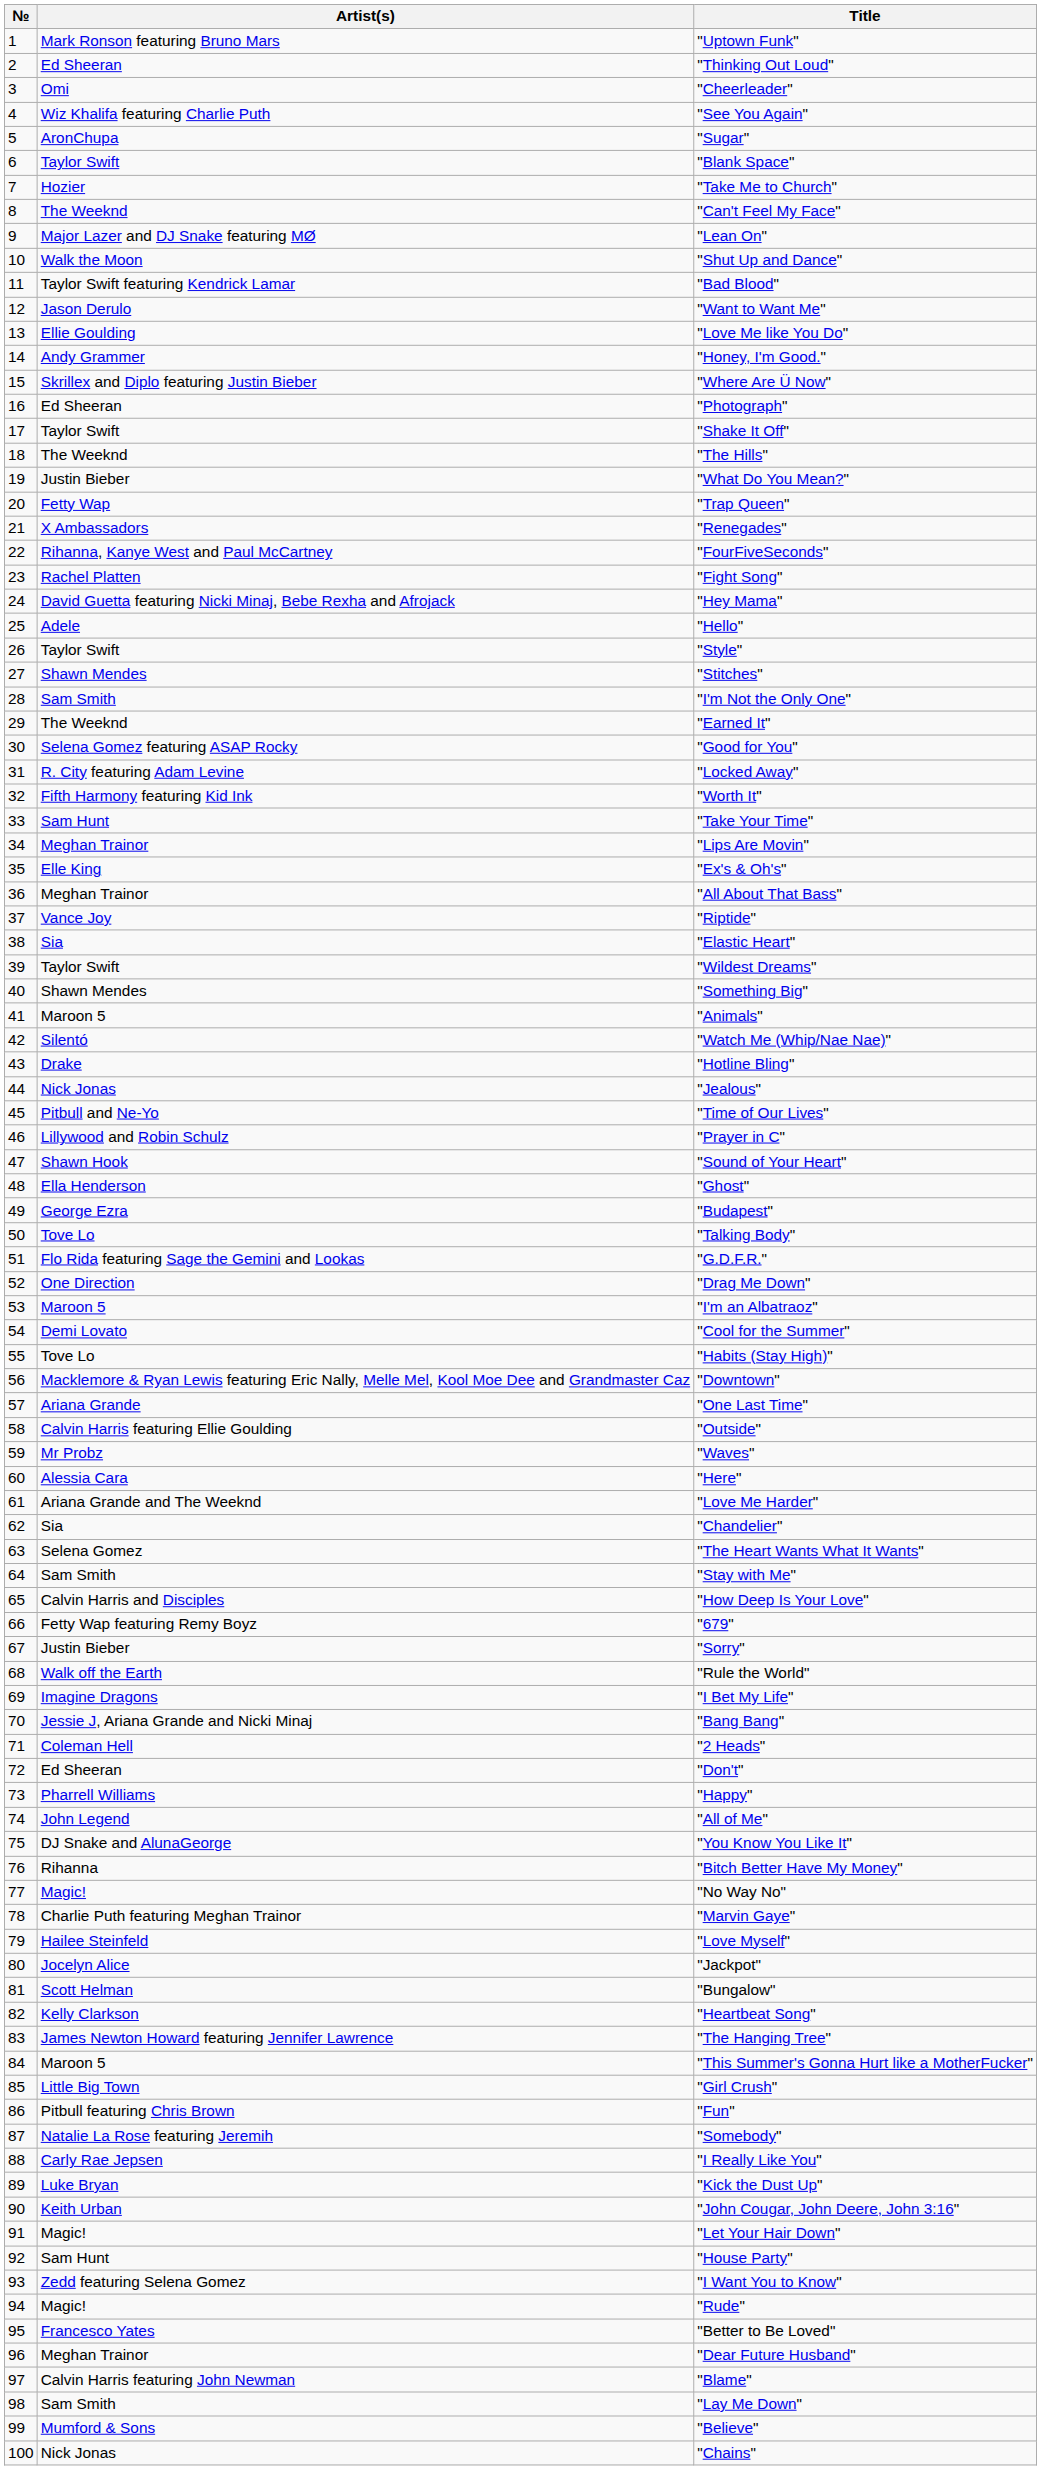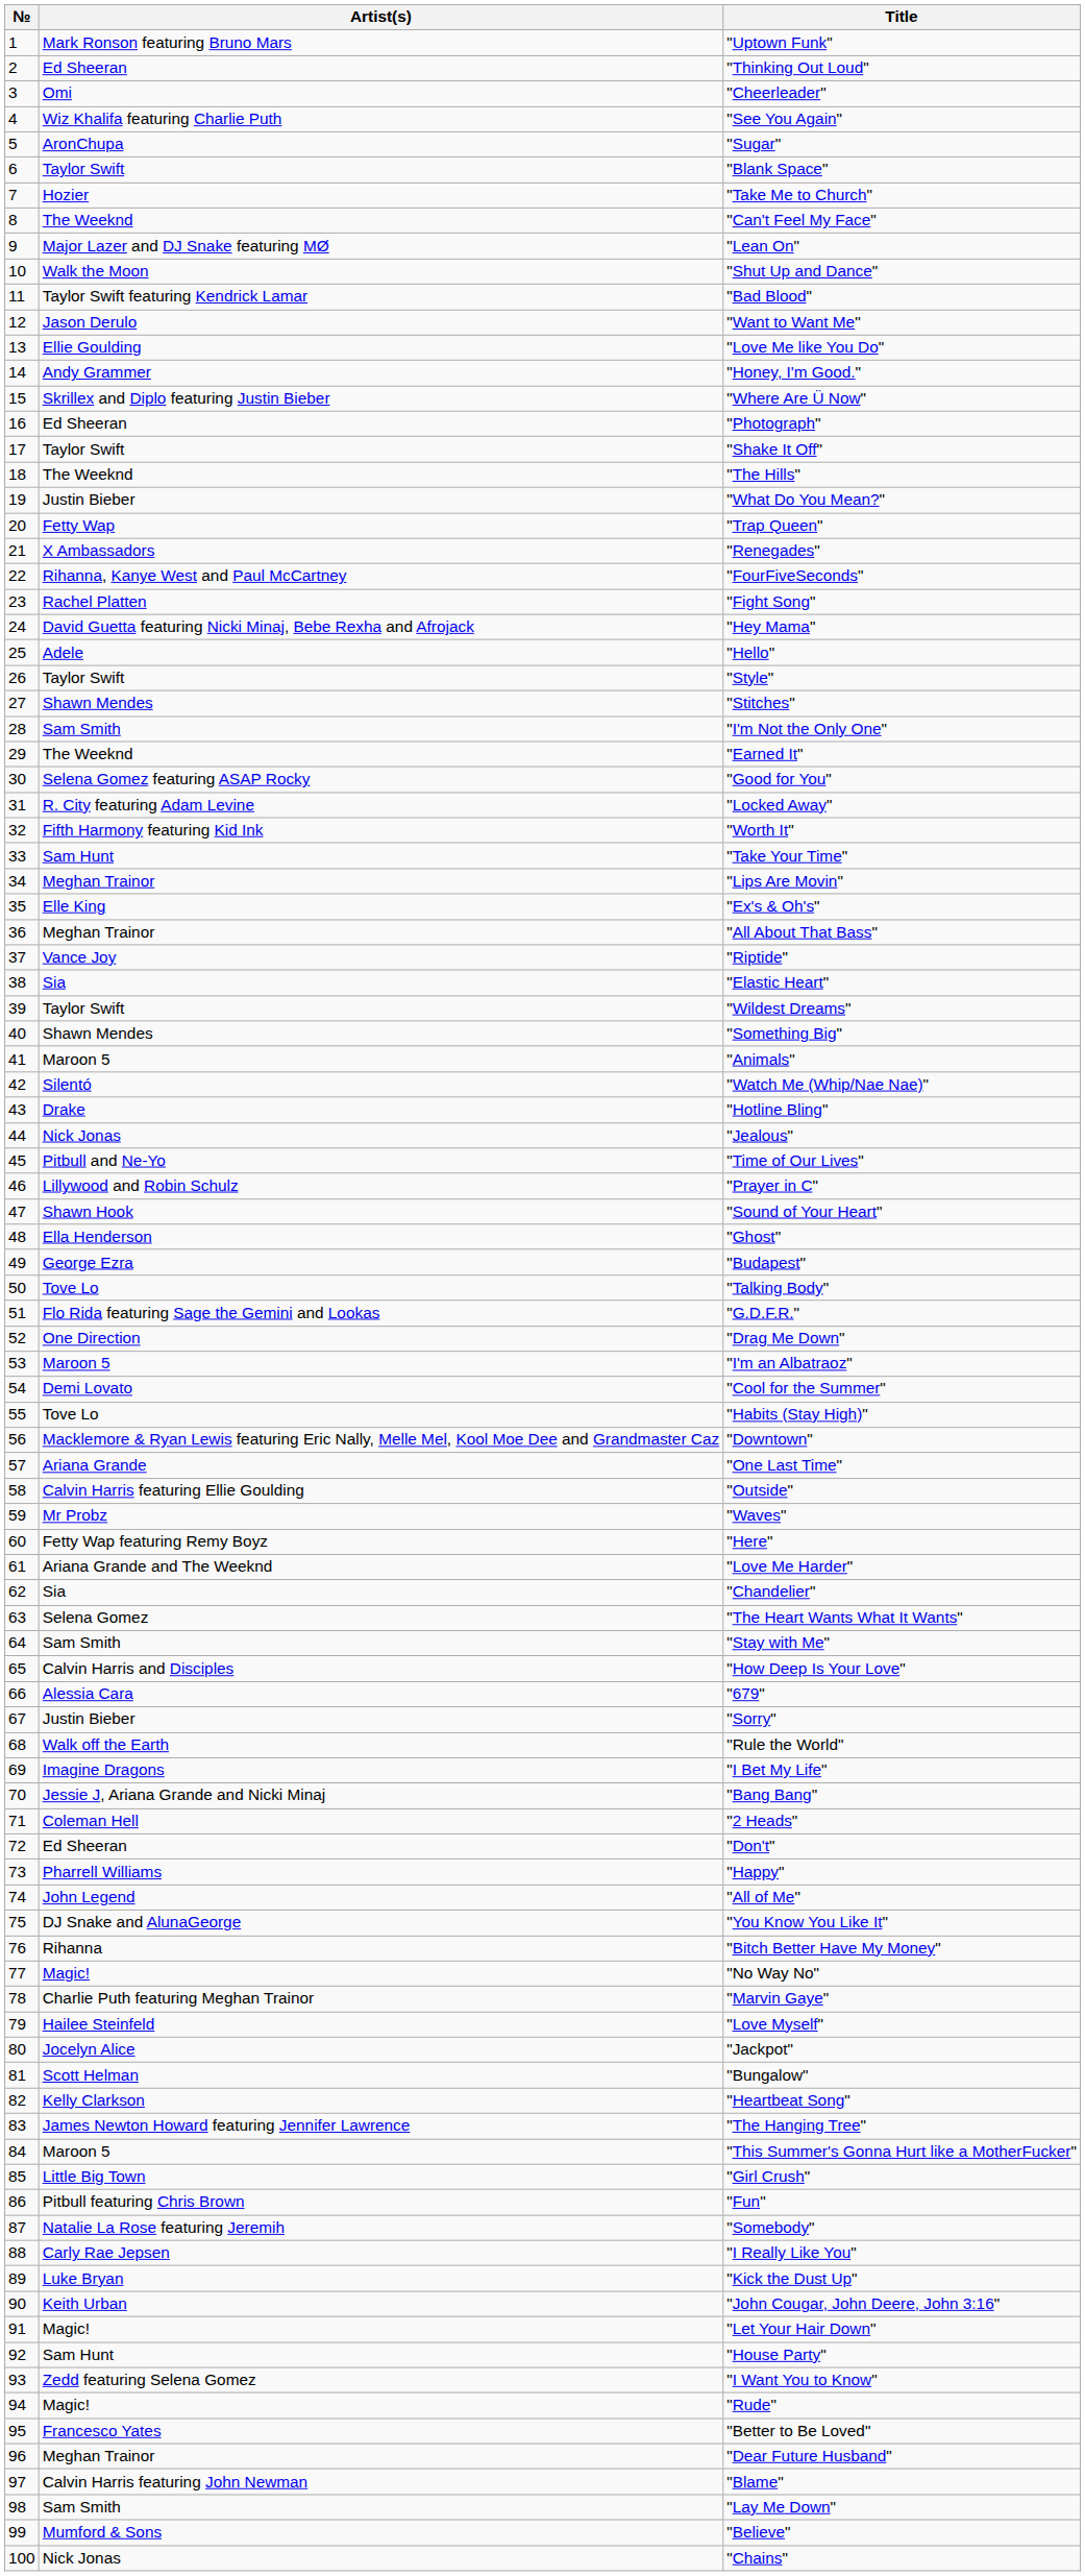 <table class="wikitable">
 <tr>
 <th>№</th>
 <th>Artist(s)</th>
 <th>Title</th>
 </tr>
 <tr>
 <td>1</td>
 <td><a href='#'>Mark Ronson</a> featuring <a href='#'>Bruno Mars</a></td>
 <td>"<a href='#'>Uptown Funk</a>"</td>
 </tr>
 <tr>
 <td>2</td>
 <td><a href='#'>Ed Sheeran</a></td>
 <td>"<a href='#'>Thinking Out Loud</a>"</td>
 </tr>
 <tr>
 <td>3</td>
 <td><a href='#'>Omi</a></td>
 <td>"<a href='#'>Cheerleader</a>"</td>
 </tr>
 <tr>
 <td>4</td>
 <td><a href='#'>Wiz Khalifa</a> featuring <a href='#'>Charlie Puth</a></td>
 <td>"<a href='#'>See You Again</a>"</td>
 </tr>
 <tr>
 <td>5</td>
 <td><a href='#'>AronChupa</a></td>
 <td>"<a href='#'>Sugar</a>"</td>
 </tr>
 <tr>
 <td>6</td>
 <td><a href='#'>Taylor Swift</a></td>
 <td>"<a href='#'>Blank Space</a>"</td>
 </tr>
 <tr>
 <td>7</td>
 <td><a href='#'>Hozier</a></td>
 <td>"<a href='#'>Take Me to Church</a>"</td>
 </tr>
 <tr>
 <td>8</td>
 <td><a href='#'>The Weeknd</a></td>
 <td>"<a href='#'>Can't Feel My Face</a>"</td>
 </tr>
 <tr>
 <td>9</td>
 <td><a href='#'>Major Lazer</a> and <a href='#'>DJ Snake</a> featuring <a href='#'>MØ</a></td>
 <td>"<a href='#'>Lean On</a>"</td>
 </tr>
 <tr>
 <td>10</td>
 <td><a href='#'>Walk the Moon</a></td>
 <td>"<a href='#'>Shut Up and Dance</a>"</td>
 </tr>
 <tr>
 <td>11</td>
 <td>Taylor Swift featuring <a href='#'>Kendrick Lamar</a></td>
 <td>"<a href='#'>Bad Blood</a>"</td>
 </tr>
 <tr>
 <td>12</td>
 <td><a href='#'>Jason Derulo</a></td>
 <td>"<a href='#'>Want to Want Me</a>"</td>
 </tr>
 <tr>
 <td>13</td>
 <td><a href='#'>Ellie Goulding</a></td>
 <td>"<a href='#'>Love Me like You Do</a>"</td>
 </tr>
 <tr>
 <td>14</td>
 <td><a href='#'>Andy Grammer</a></td>
 <td>"<a href='#'>Honey, I'm Good.</a>"</td>
 </tr>
 <tr>
 <td>15</td>
 <td><a href='#'>Skrillex</a> and <a href='#'>Diplo</a> featuring <a href='#'>Justin Bieber</a></td>
 <td>"<a href='#'>Where Are Ü Now</a>"</td>
 </tr>
 <tr>
 <td>16</td>
 <td>Ed Sheeran</td>
 <td>"<a href='#'>Photograph</a>"</td>
 </tr>
 <tr>
 <td>17</td>
 <td>Taylor Swift</td>
 <td>"<a href='#'>Shake It Off</a>"</td>
 </tr>
 <tr>
 <td>18</td>
 <td>The Weeknd</td>
 <td>"<a href='#'>The Hills</a>"</td>
 </tr>
 <tr>
 <td>19</td>
 <td>Justin Bieber</td>
 <td>"<a href='#'>What Do You Mean?</a>"</td>
 </tr>
 <tr>
 <td>20</td>
 <td><a href='#'>Fetty Wap</a></td>
 <td>"<a href='#'>Trap Queen</a>"</td>
 </tr>
 <tr>
 <td>21</td>
 <td><a href='#'>X Ambassadors</a></td>
 <td>"<a href='#'>Renegades</a>"</td>
 </tr>
 <tr>
 <td>22</td>
 <td><a href='#'>Rihanna</a>, <a href='#'>Kanye West</a> and <a href='#'>Paul McCartney</a></td>
 <td>"<a href='#'>FourFiveSeconds</a>"</td>
 </tr>
 <tr>
 <td>23</td>
 <td><a href='#'>Rachel Platten</a></td>
 <td>"<a href='#'>Fight Song</a>"</td>
 </tr>
 <tr>
 <td>24</td>
 <td><a href='#'>David Guetta</a> featuring <a href='#'>Nicki Minaj</a>, <a href='#'>Bebe Rexha</a> and <a href='#'>Afrojack</a></td>
 <td>"<a href='#'>Hey Mama</a>"</td>
 </tr>
 <tr>
 <td>25</td>
 <td><a href='#'>Adele</a></td>
 <td>"<a href='#'>Hello</a>"</td>
 </tr>
 <tr>
 <td>26</td>
 <td>Taylor Swift</td>
 <td>"<a href='#'>Style</a>"</td>
 </tr>
 <tr>
 <td>27</td>
 <td><a href='#'>Shawn Mendes</a></td>
 <td>"<a href='#'>Stitches</a>"</td>
 </tr>
 <tr>
 <td>28</td>
 <td><a href='#'>Sam Smith</a></td>
 <td>"<a href='#'>I'm Not the Only One</a>"</td>
 </tr>
 <tr>
 <td>29</td>
 <td>The Weeknd</td>
 <td>"<a href='#'>Earned It</a>"</td>
 </tr>
 <tr>
 <td>30</td>
 <td><a href='#'>Selena Gomez</a> featuring <a href='#'>ASAP Rocky</a></td>
 <td>"<a href='#'>Good for You</a>"</td>
 </tr>
 <tr>
 <td>31</td>
 <td><a href='#'>R. City</a> featuring <a href='#'>Adam Levine</a></td>
 <td>"<a href='#'>Locked Away</a>"</td>
 </tr>
 <tr>
 <td>32</td>
 <td><a href='#'>Fifth Harmony</a> featuring <a href='#'>Kid Ink</a></td>
 <td>"<a href='#'>Worth It</a>"</td>
 </tr>
 <tr>
 <td>33</td>
 <td><a href='#'>Sam Hunt</a></td>
 <td>"<a href='#'>Take Your Time</a>"</td>
 </tr>
 <tr>
 <td>34</td>
 <td><a href='#'>Meghan Trainor</a></td>
 <td>"<a href='#'>Lips Are Movin</a>"</td>
 </tr>
 <tr>
 <td>35</td>
 <td><a href='#'>Elle King</a></td>
 <td>"<a href='#'>Ex's & Oh's</a>"</td>
 </tr>
 <tr>
 <td>36</td>
 <td>Meghan Trainor</td>
 <td>"<a href='#'>All About That Bass</a>"</td>
 </tr>
 <tr>
 <td>37</td>
 <td><a href='#'>Vance Joy</a></td>
 <td>"<a href='#'>Riptide</a>"</td>
 </tr>
 <tr>
 <td>38</td>
 <td><a href='#'>Sia</a></td>
 <td>"<a href='#'>Elastic Heart</a>"</td>
 </tr>
 <tr>
 <td>39</td>
 <td>Taylor Swift</td>
 <td>"<a href='#'>Wildest Dreams</a>"</td>
 </tr>
 <tr>
 <td>40</td>
 <td>Shawn Mendes</td>
 <td>"<a href='#'>Something Big</a>"</td>
 </tr>
 <tr>
 <td>41</td>
 <td>Maroon 5</td>
 <td>"<a href='#'>Animals</a>"</td>
 </tr>
 <tr>
 <td>42</td>
 <td><a href='#'>Silentó</a></td>
 <td>"<a href='#'>Watch Me (Whip/Nae Nae)</a>"</td>
 </tr>
 <tr>
 <td>43</td>
 <td><a href='#'>Drake</a></td>
 <td>"<a href='#'>Hotline Bling</a>"</td>
 </tr>
 <tr>
 <td>44</td>
 <td><a href='#'>Nick Jonas</a></td>
 <td>"<a href='#'>Jealous</a>"</td>
 </tr>
 <tr>
 <td>45</td>
 <td><a href='#'>Pitbull</a> and <a href='#'>Ne-Yo</a></td>
 <td>"<a href='#'>Time of Our Lives</a>"</td>
 </tr>
 <tr>
 <td>46</td>
 <td><a href='#'>Lillywood</a> and <a href='#'>Robin Schulz</a></td>
 <td>"<a href='#'>Prayer in C</a>"</td>
 </tr>
 <tr>
 <td>47</td>
 <td><a href='#'>Shawn Hook</a></td>
 <td>"<a href='#'>Sound of Your Heart</a>"</td>
 </tr>
 <tr>
 <td>48</td>
 <td><a href='#'>Ella Henderson</a></td>
 <td>"<a href='#'>Ghost</a>"</td>
 </tr>
 <tr>
 <td>49</td>
 <td><a href='#'>George Ezra</a></td>
 <td>"<a href='#'>Budapest</a>"</td>
 </tr>
 <tr>
 <td>50</td>
 <td><a href='#'>Tove Lo</a></td>
 <td>"<a href='#'>Talking Body</a>"</td>
 </tr>
 <tr>
 <td>51</td>
 <td><a href='#'>Flo Rida</a> featuring <a href='#'>Sage the Gemini</a> and <a href='#'>Lookas</a></td>
 <td>"<a href='#'>G.D.F.R.</a>"</td>
 </tr>
 <tr>
 <td>52</td>
 <td><a href='#'>One Direction</a></td>
 <td>"<a href='#'>Drag Me Down</a>"</td>
 </tr>
 <tr>
 <td>53</td>
 <td><a href='#'>Maroon 5</a></td>
 <td>"<a href='#'>I'm an Albatraoz</a>"</td>
 </tr>
 <tr>
 <td>54</td>
 <td><a href='#'>Demi Lovato</a></td>
 <td>"<a href='#'>Cool for the Summer</a>"</td>
 </tr>
 <tr>
 <td>55</td>
 <td>Tove Lo</td>
 <td>"<a href='#'>Habits (Stay High)</a>"</td>
 </tr>
 <tr>
 <td>56</td>
 <td><a href='#'>Macklemore & Ryan Lewis</a> featuring Eric Nally, <a href='#'>Melle Mel</a>, <a href='#'>Kool Moe Dee</a> and <a href='#'>Grandmaster Caz</a></td>
 <td>"<a href='#'>Downtown</a>"</td>
 </tr>
 <tr>
 <td>57</td>
 <td><a href='#'>Ariana Grande</a></td>
 <td>"<a href='#'>One Last Time</a>"</td>
 </tr>
 <tr>
 <td>58</td>
 <td><a href='#'>Calvin Harris</a> featuring Ellie Goulding</td>
 <td>"<a href='#'>Outside</a>"</td>
 </tr>
 <tr>
 <td>59</td>
 <td><a href='#'>Mr Probz</a></td>
 <td>"<a href='#'>Waves</a>"</td>
 </tr>
 <tr>
 <td>60</td>
-<td><a href='#'>Alessia Cara</a></td>
+<td>Fetty Wap featuring Remy Boyz</td>
 <td>"<a href='#'>Here</a>"</td>
 </tr>
 <tr>
 <td>61</td>
 <td>Ariana Grande and The Weeknd</td>
 <td>"<a href='#'>Love Me Harder</a>"</td>
 </tr>
 <tr>
 <td>62</td>
 <td>Sia</td>
 <td>"<a href='#'>Chandelier</a>"</td>
 </tr>
 <tr>
 <td>63</td>
 <td>Selena Gomez</td>
 <td>"<a href='#'>The Heart Wants What It Wants</a>"</td>
 </tr>
 <tr>
 <td>64</td>
 <td>Sam Smith</td>
 <td>"<a href='#'>Stay with Me</a>"</td>
 </tr>
 <tr>
 <td>65</td>
 <td>Calvin Harris and <a href='#'>Disciples</a></td>
 <td>"<a href='#'>How Deep Is Your Love</a>"</td>
 </tr>
 <tr>
 <td>66</td>
-<td>Fetty Wap featuring Remy Boyz</td>
+<td><a href='#'>Alessia Cara</a></td>
 <td>"<a href='#'>679</a>"</td>
 </tr>
 <tr>
 <td>67</td>
 <td>Justin Bieber</td>
 <td>"<a href='#'>Sorry</a>"</td>
 </tr>
 <tr>
 <td>68</td>
 <td><a href='#'>Walk off the Earth</a></td>
 <td>"Rule the World"</td>
 </tr>
 <tr>
 <td>69</td>
 <td><a href='#'>Imagine Dragons</a></td>
 <td>"<a href='#'>I Bet My Life</a>"</td>
 </tr>
 <tr>
 <td>70</td>
 <td><a href='#'>Jessie J</a>, Ariana Grande and Nicki Minaj</td>
 <td>"<a href='#'>Bang Bang</a>"</td>
 </tr>
 <tr>
 <td>71</td>
 <td><a href='#'>Coleman Hell</a></td>
 <td>"<a href='#'>2 Heads</a>"</td>
 </tr>
 <tr>
 <td>72</td>
 <td>Ed Sheeran</td>
 <td>"<a href='#'>Don't</a>"</td>
 </tr>
 <tr>
 <td>73</td>
 <td><a href='#'>Pharrell Williams</a></td>
 <td>"<a href='#'>Happy</a>"</td>
 </tr>
 <tr>
 <td>74</td>
 <td><a href='#'>John Legend</a></td>
 <td>"<a href='#'>All of Me</a>"</td>
 </tr>
 <tr>
 <td>75</td>
 <td>DJ Snake and <a href='#'>AlunaGeorge</a></td>
 <td>"<a href='#'>You Know You Like It</a>"</td>
 </tr>
 <tr>
 <td>76</td>
 <td>Rihanna</td>
 <td>"<a href='#'>Bitch Better Have My Money</a>"</td>
 </tr>
 <tr>
 <td>77</td>
 <td><a href='#'>Magic!</a></td>
 <td>"No Way No"</td>
 </tr>
 <tr>
 <td>78</td>
 <td>Charlie Puth featuring Meghan Trainor</td>
 <td>"<a href='#'>Marvin Gaye</a>"</td>
 </tr>
 <tr>
 <td>79</td>
 <td><a href='#'>Hailee Steinfeld</a></td>
 <td>"<a href='#'>Love Myself</a>"</td>
 </tr>
 <tr>
 <td>80</td>
 <td><a href='#'>Jocelyn Alice</a></td>
 <td>"Jackpot"</td>
 </tr>
 <tr>
 <td>81</td>
 <td><a href='#'>Scott Helman</a></td>
 <td>"Bungalow"</td>
 </tr>
 <tr>
 <td>82</td>
 <td><a href='#'>Kelly Clarkson</a></td>
 <td>"<a href='#'>Heartbeat Song</a>"</td>
 </tr>
 <tr>
 <td>83</td>
 <td><a href='#'>James Newton Howard</a> featuring <a href='#'>Jennifer Lawrence</a></td>
 <td>"<a href='#'>The Hanging Tree</a>"</td>
 </tr>
 <tr>
 <td>84</td>
 <td>Maroon 5</td>
 <td>"<a href='#'>This Summer's Gonna Hurt like a MotherFucker</a>"</td>
 </tr>
 <tr>
 <td>85</td>
 <td><a href='#'>Little Big Town</a></td>
 <td>"<a href='#'>Girl Crush</a>"</td>
 </tr>
 <tr>
 <td>86</td>
 <td>Pitbull featuring <a href='#'>Chris Brown</a></td>
 <td>"<a href='#'>Fun</a>"</td>
 </tr>
 <tr>
 <td>87</td>
 <td><a href='#'>Natalie La Rose</a> featuring <a href='#'>Jeremih</a></td>
 <td>"<a href='#'>Somebody</a>"</td>
 </tr>
 <tr>
 <td>88</td>
 <td><a href='#'>Carly Rae Jepsen</a></td>
 <td>"<a href='#'>I Really Like You</a>"</td>
 </tr>
 <tr>
 <td>89</td>
 <td><a href='#'>Luke Bryan</a></td>
 <td>"<a href='#'>Kick the Dust Up</a>"</td>
 </tr>
 <tr>
 <td>90</td>
 <td><a href='#'>Keith Urban</a></td>
 <td>"<a href='#'>John Cougar, John Deere, John 3:16</a>"</td>
 </tr>
 <tr>
 <td>91</td>
 <td>Magic!</td>
 <td>"<a href='#'>Let Your Hair Down</a>"</td>
 </tr>
 <tr>
 <td>92</td>
 <td>Sam Hunt</td>
 <td>"<a href='#'>House Party</a>"</td>
 </tr>
 <tr>
 <td>93</td>
 <td><a href='#'>Zedd</a> featuring Selena Gomez</td>
 <td>"<a href='#'>I Want You to Know</a>"</td>
 </tr>
 <tr>
 <td>94</td>
 <td>Magic!</td>
 <td>"<a href='#'>Rude</a>"</td>
 </tr>
 <tr>
 <td>95</td>
 <td><a href='#'>Francesco Yates</a></td>
 <td>"Better to Be Loved"</td>
 </tr>
 <tr>
 <td>96</td>
 <td>Meghan Trainor</td>
 <td>"<a href='#'>Dear Future Husband</a>"</td>
 </tr>
 <tr>
 <td>97</td>
 <td>Calvin Harris featuring <a href='#'>John Newman</a></td>
 <td>"<a href='#'>Blame</a>"</td>
 </tr>
 <tr>
 <td>98</td>
 <td>Sam Smith</td>
 <td>"<a href='#'>Lay Me Down</a>"</td>
 </tr>
 <tr>
 <td>99</td>
 <td><a href='#'>Mumford & Sons</a></td>
 <td>"<a href='#'>Believe</a>"</td>
 </tr>
 <tr>
 <td>100</td>
 <td>Nick Jonas</td>
 <td>"<a href='#'>Chains</a>"</td>
 </tr>
 </table>
